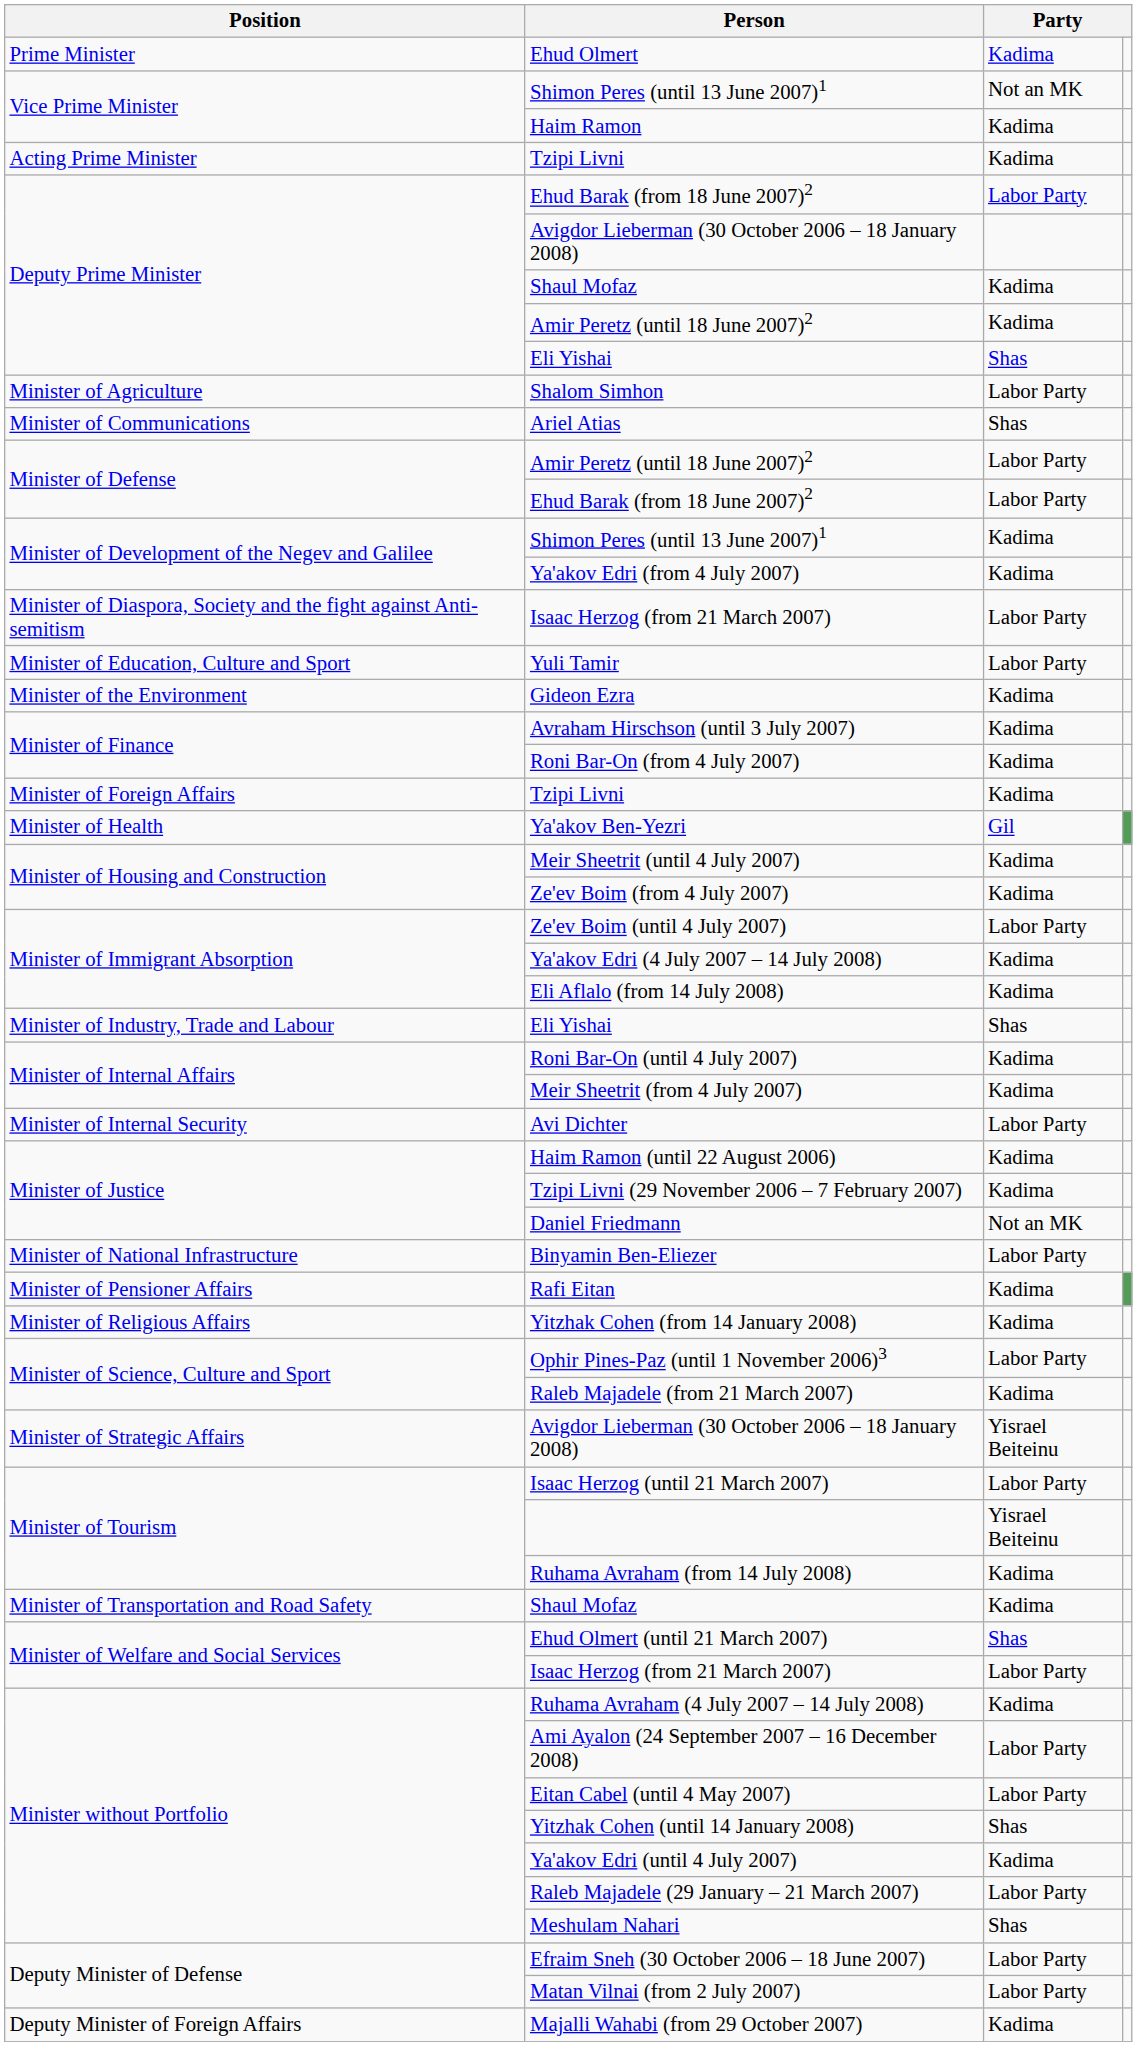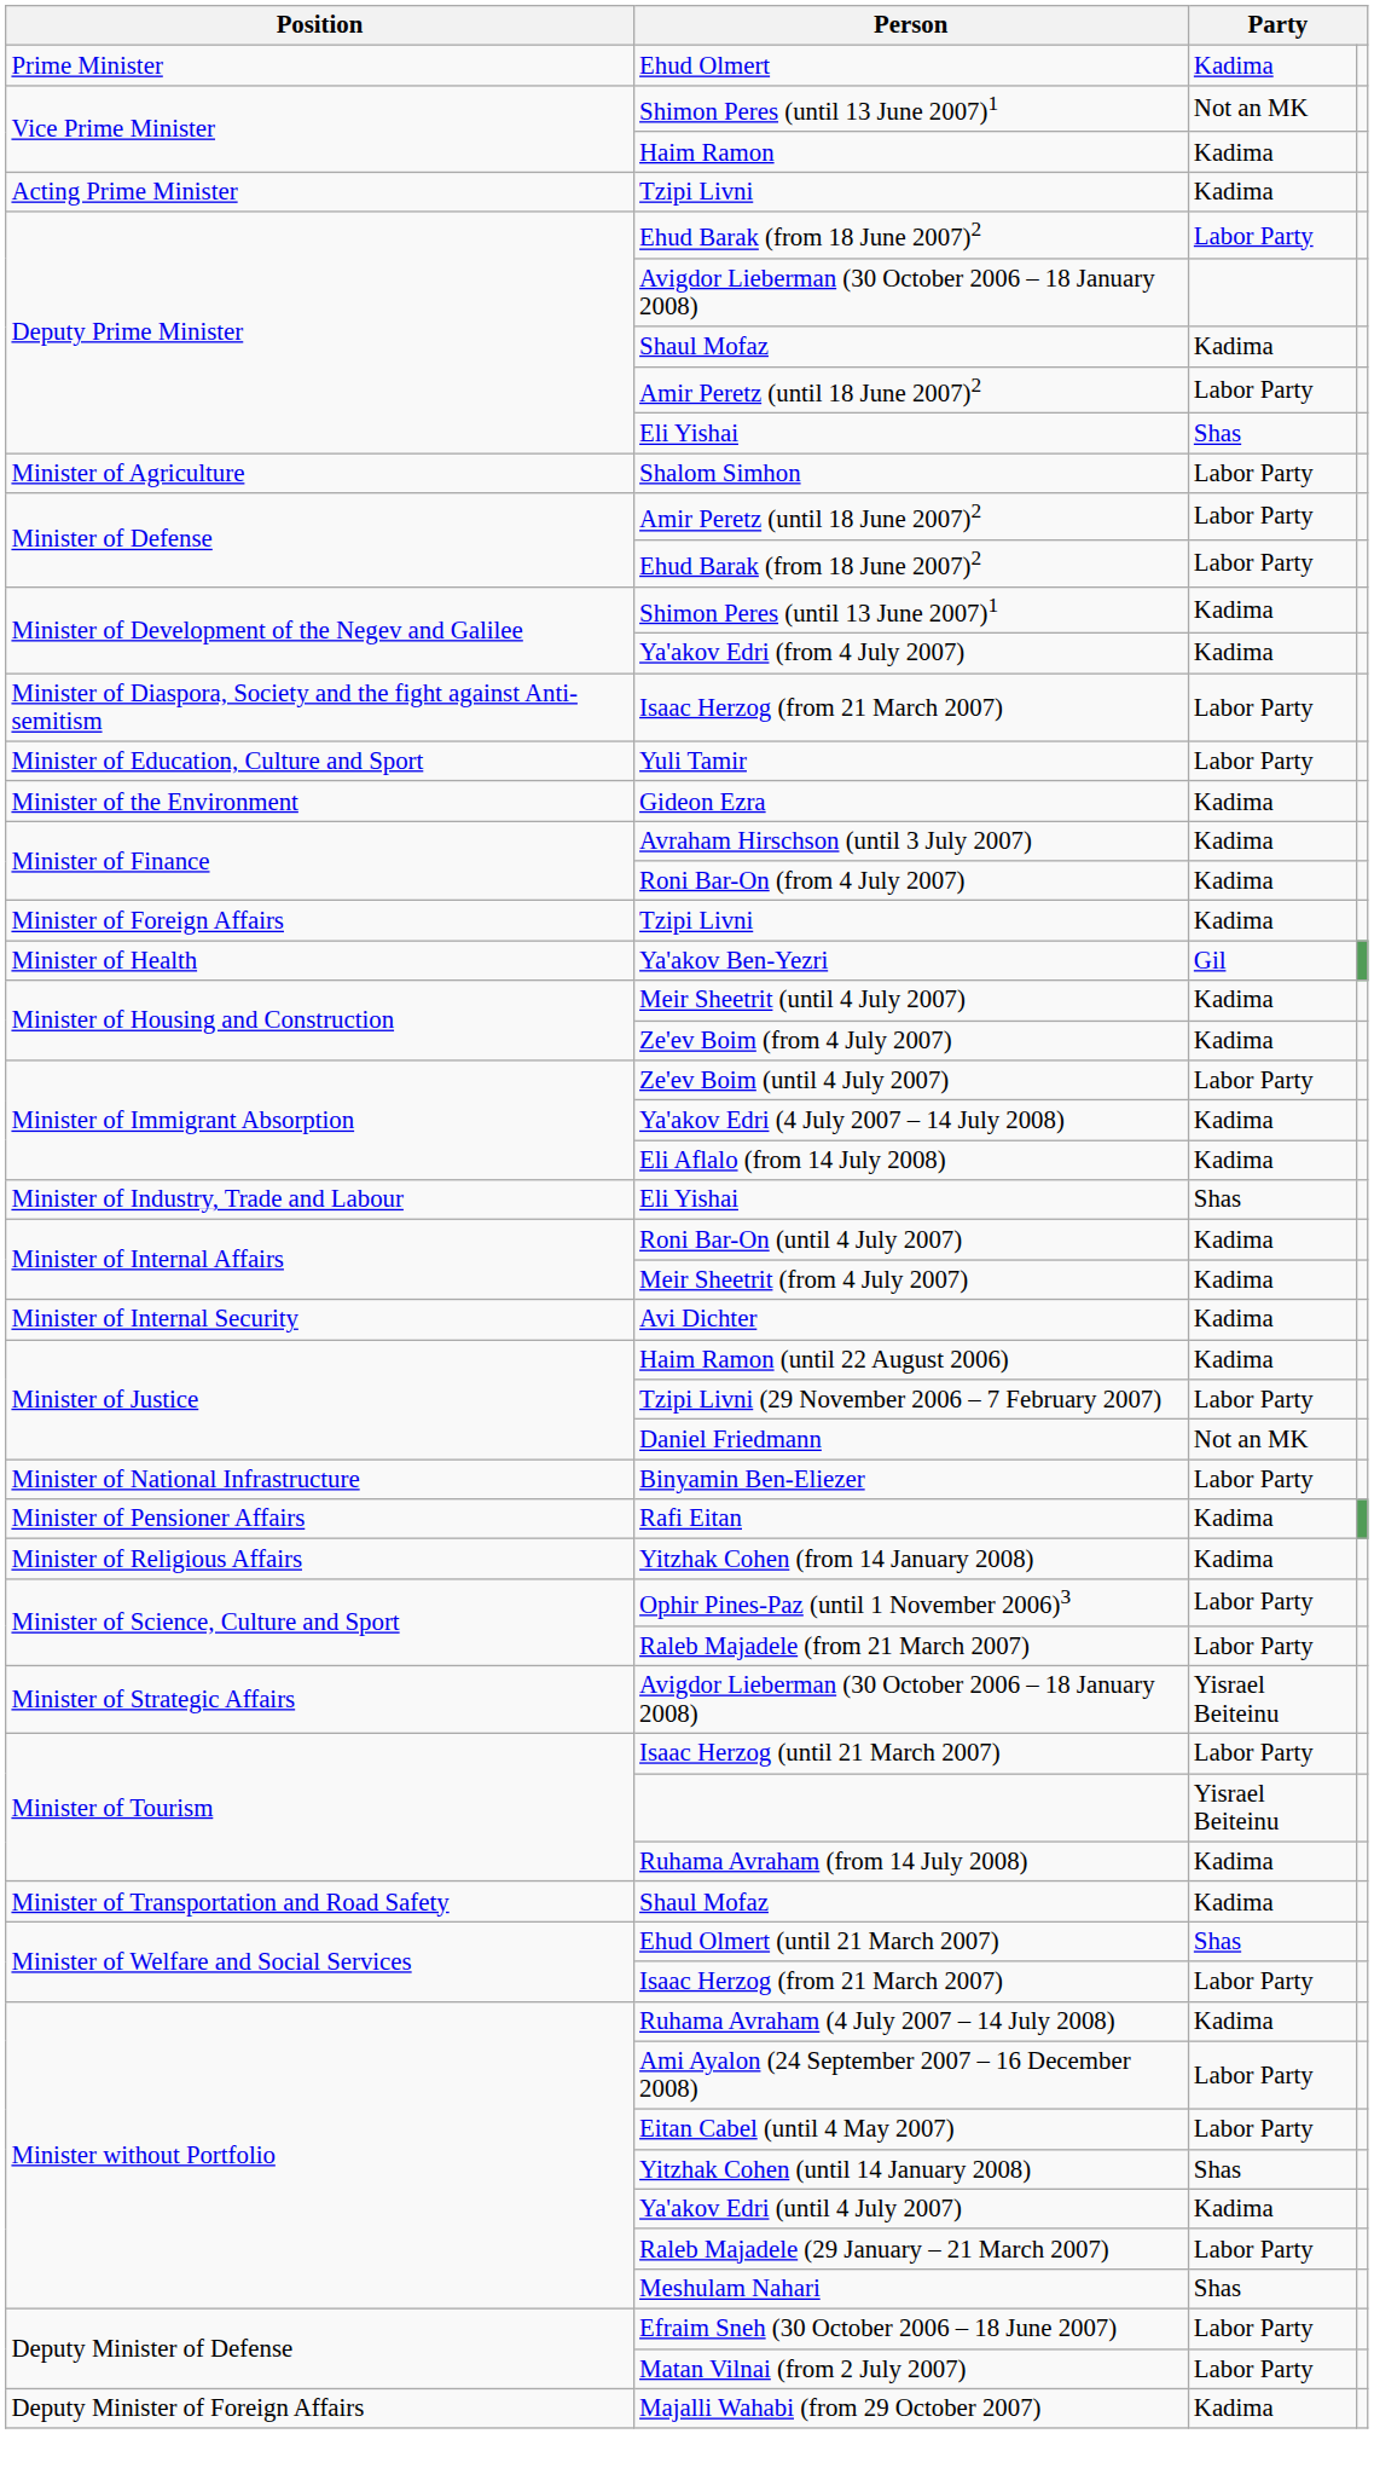 <table class=wikitable style="text-align:left">
 <tr>
 <th>Position</th>
 <th>Person</th>
 <th colspan=2>Party</th>
 </tr>
 <tr>
 <td><a href='#'>Prime Minister</a></td>
 <td><a href='#'>Ehud Olmert</a></td>
 <td><a href='#'>Kadima</a></td>
 <td style="background:"></td>
 </tr>
 <tr>
 <td rowspan=2><a href='#'>Vice Prime Minister</a></td>
 <td><a href='#'>Shimon Peres</a> (until 13 June 2007)<sup>1</sup></td>
 <td>Not an MK</td>
 <td style="background:"></td>
 </tr>
 <tr>
 <td><a href='#'>Haim Ramon</a></td>
 <td>Kadima</td>
 <td style="background:"></td>
 </tr>
 <tr>
 <td><a href='#'>Acting Prime Minister</a></td>
 <td><a href='#'>Tzipi Livni</a></td>
 <td>Kadima</td>
 <td style="background:"></td>
 </tr>
 <tr>
 <td rowspan=5><a href='#'>Deputy Prime Minister</a></td>
 <td><a href='#'>Ehud Barak</a> (from 18 June 2007)<sup>2</sup></td>
 <td><a href='#'>Labor Party</a></td>
 <td style="background:"></td>
 </tr>
 <tr>
 <td><a href='#'>Avigdor Lieberman</a> (30 October 2006 – 18 January 2008)</td>
 <td></td>
 <td style="background:"></td>
 </tr>
 <tr>
 <td><a href='#'>Shaul Mofaz</a></td>
 <td>Kadima</td>
 <td style="background:"></td>
 </tr>
 <tr>
 <td><a href='#'>Amir Peretz</a> (until 18 June 2007)<sup>2</sup></td>
-<td>Kadima</td>
+<td>Labor Party</td>
 <td style="background:"></td>
 </tr>
 <tr>
 <td><a href='#'>Eli Yishai</a></td>
 <td><a href='#'>Shas</a></td>
 <td style="background:"></td>
 </tr>
 <tr>
 <td><a href='#'>Minister of Agriculture</a></td>
 <td><a href='#'>Shalom Simhon</a></td>
 <td>Labor Party</td>
-<td style="background:"></td>
-</tr>
-<tr>
-<td><a href='#'>Minister of Communications</a></td>
-<td><a href='#'>Ariel Atias</a></td>
-<td>Shas</td>
 <td style="background:"></td>
 </tr>
 <tr>
 <td rowspan=2><a href='#'>Minister of Defense</a></td>
 <td><a href='#'>Amir Peretz</a> (until 18 June 2007)<sup>2</sup></td>
 <td>Labor Party</td>
 <td style="background:"></td>
 </tr>
 <tr>
 <td><a href='#'>Ehud Barak</a> (from 18 June 2007)<sup>2</sup></td>
 <td>Labor Party</td>
 <td style="background:"></td>
 </tr>
 <tr>
 <td rowspan=2><a href='#'>Minister of Development of the Negev and Galilee</a></td>
 <td><a href='#'>Shimon Peres</a> (until 13 June 2007)<sup>1</sup></td>
 <td>Kadima</td>
 <td style="background:"></td>
 </tr>
 <tr>
 <td><a href='#'>Ya'akov Edri</a> (from 4 July 2007)</td>
 <td>Kadima</td>
 <td style="background:"></td>
 </tr>
 <tr>
 <td><a href='#'>Minister of Diaspora, Society and the fight against Anti-semitism</a></td>
 <td><a href='#'>Isaac Herzog</a> (from 21 March 2007)</td>
 <td>Labor Party</td>
 <td style="background:"></td>
 </tr>
 <tr>
 <td><a href='#'>Minister of Education, Culture and Sport</a></td>
 <td><a href='#'>Yuli Tamir</a></td>
 <td>Labor Party</td>
 <td style="background:"></td>
 </tr>
 <tr>
 <td><a href='#'>Minister of the Environment</a></td>
 <td><a href='#'>Gideon Ezra</a></td>
 <td>Kadima</td>
 <td style="background:"></td>
 </tr>
 <tr>
 <td rowspan=2><a href='#'>Minister of Finance</a></td>
 <td><a href='#'>Avraham Hirschson</a> (until 3 July 2007)</td>
 <td>Kadima</td>
 <td style="background:"></td>
 </tr>
 <tr>
 <td><a href='#'>Roni Bar-On</a> (from 4 July 2007)</td>
 <td>Kadima</td>
 <td style="background:"></td>
 </tr>
 <tr>
 <td><a href='#'>Minister of Foreign Affairs</a></td>
 <td><a href='#'>Tzipi Livni</a></td>
 <td>Kadima</td>
 <td style="background:"></td>
 </tr>
 <tr>
 <td><a href='#'>Minister of Health</a></td>
 <td><a href='#'>Ya'akov Ben-Yezri</a></td>
 <td><a href='#'>Gil</a></td>
 <td style="background:#519C57"></td>
 </tr>
 <tr>
 <td rowspan=2><a href='#'>Minister of Housing and Construction</a></td>
 <td><a href='#'>Meir Sheetrit</a> (until 4 July 2007)</td>
 <td>Kadima</td>
 <td style="background:"></td>
 </tr>
 <tr>
 <td><a href='#'>Ze'ev Boim</a> (from 4 July 2007)</td>
 <td>Kadima</td>
 <td style="background:"></td>
 </tr>
 <tr>
 <td rowspan=3><a href='#'>Minister of Immigrant Absorption</a></td>
 <td><a href='#'>Ze'ev Boim</a> (until 4 July 2007)</td>
 <td>Labor Party</td>
 <td style="background:"></td>
 </tr>
 <tr>
 <td><a href='#'>Ya'akov Edri</a> (4 July 2007 – 14 July 2008)</td>
 <td>Kadima</td>
 <td style="background:"></td>
 </tr>
 <tr>
 <td><a href='#'>Eli Aflalo</a> (from 14 July 2008)</td>
 <td>Kadima</td>
 <td style="background:"></td>
 </tr>
 <tr>
 <td><a href='#'>Minister of Industry, Trade and Labour</a></td>
 <td><a href='#'>Eli Yishai</a></td>
 <td>Shas</td>
 <td style="background:"></td>
 </tr>
 <tr>
 <td rowspan=2><a href='#'>Minister of Internal Affairs</a></td>
 <td><a href='#'>Roni Bar-On</a> (until 4 July 2007)</td>
 <td>Kadima</td>
 <td style="background:"></td>
 </tr>
 <tr>
 <td><a href='#'>Meir Sheetrit</a> (from 4 July 2007)</td>
 <td>Kadima</td>
 <td style="background:"></td>
 </tr>
 <tr>
 <td><a href='#'>Minister of Internal Security</a></td>
 <td><a href='#'>Avi Dichter</a></td>
-<td>Labor Party</td>
+<td>Kadima</td>
 <td style="background:"></td>
 </tr>
 <tr>
 <td rowspan=3><a href='#'>Minister of Justice</a></td>
 <td><a href='#'>Haim Ramon</a> (until 22 August 2006)</td>
 <td>Kadima</td>
 <td style="background:"></td>
 </tr>
 <tr>
 <td><a href='#'>Tzipi Livni</a> (29 November 2006 – 7 February 2007)</td>
-<td>Kadima</td>
+<td>Labor Party</td>
 <td style="background:"></td>
 </tr>
 <tr>
 <td><a href='#'>Daniel Friedmann</a></td>
 <td>Not an MK</td>
 <td style="background:"></td>
 </tr>
 <tr>
 <td><a href='#'>Minister of National Infrastructure</a></td>
 <td><a href='#'>Binyamin Ben-Eliezer</a></td>
 <td>Labor Party</td>
 <td style="background:"></td>
 </tr>
 <tr>
 <td><a href='#'>Minister of Pensioner Affairs</a></td>
 <td><a href='#'>Rafi Eitan</a></td>
 <td>Kadima</td>
 <td style="background:#519C57"></td>
 </tr>
 <tr>
 <td><a href='#'>Minister of Religious Affairs</a></td>
 <td><a href='#'>Yitzhak Cohen</a> (from 14 January 2008)</td>
 <td>Kadima</td>
 <td style="background:"></td>
 </tr>
 <tr>
 <td rowspan=2><a href='#'>Minister of Science, Culture and Sport</a></td>
 <td><a href='#'>Ophir Pines-Paz</a> (until 1 November 2006)<sup>3</sup></td>
 <td>Labor Party</td>
 <td style="background:"></td>
 </tr>
 <tr>
 <td><a href='#'>Raleb Majadele</a> (from 21 March 2007)</td>
-<td>Kadima</td>
+<td>Labor Party</td>
 <td style="background:"></td>
 </tr>
 <tr>
 <td><a href='#'>Minister of Strategic Affairs</a></td>
 <td><a href='#'>Avigdor Lieberman</a> (30 October 2006 – 18 January 2008)</td>
 <td>Yisrael Beiteinu</td>
 <td style="background:"></td>
 </tr>
 <tr>
 <td rowspan=3><a href='#'>Minister of Tourism</a></td>
 <td><a href='#'>Isaac Herzog</a> (until 21 March 2007)</td>
 <td>Labor Party</td>
 <td style="background:"></td>
 </tr>
 <tr>
 <td></td>
 <td>Yisrael Beiteinu</td>
 <td style="background:"></td>
 </tr>
 <tr>
 <td><a href='#'>Ruhama Avraham</a> (from 14 July 2008)</td>
 <td>Kadima</td>
 <td style="background:"></td>
 </tr>
 <tr>
 <td><a href='#'>Minister of Transportation and Road Safety</a></td>
 <td><a href='#'>Shaul Mofaz</a></td>
 <td>Kadima</td>
 <td style="background:"></td>
 </tr>
 <tr>
 <td rowspan=2><a href='#'>Minister of Welfare and Social Services</a></td>
 <td><a href='#'>Ehud Olmert</a> (until 21 March 2007)</td>
 <td><a href='#'>Shas</a></td>
 <td style="background:"></td>
 </tr>
 <tr>
 <td><a href='#'>Isaac Herzog</a> (from 21 March 2007)</td>
 <td>Labor Party</td>
 <td style="background:"></td>
 </tr>
 <tr>
 <td rowspan=7><a href='#'>Minister without Portfolio</a></td>
 <td><a href='#'>Ruhama Avraham</a> (4 July 2007 – 14 July 2008)</td>
 <td>Kadima</td>
 <td style="background:"></td>
 </tr>
 <tr>
 <td><a href='#'>Ami Ayalon</a> (24 September 2007 – 16 December 2008)</td>
 <td>Labor Party</td>
 <td style="background:"></td>
 </tr>
 <tr>
 <td><a href='#'>Eitan Cabel</a> (until 4 May 2007)</td>
 <td>Labor Party</td>
 <td style="background:"></td>
 </tr>
 <tr>
 <td><a href='#'>Yitzhak Cohen</a> (until 14 January 2008)</td>
 <td>Shas</td>
 <td style="background:"></td>
 </tr>
 <tr>
 <td><a href='#'>Ya'akov Edri</a> (until 4 July 2007)</td>
 <td>Kadima</td>
 <td style="background:"></td>
 </tr>
 <tr>
 <td><a href='#'>Raleb Majadele</a> (29 January – 21 March 2007)</td>
 <td>Labor Party</td>
 <td style="background:"></td>
 </tr>
 <tr>
 <td><a href='#'>Meshulam Nahari</a></td>
 <td>Shas</td>
 <td style="background:"></td>
 </tr>
 <tr>
 <td rowspan=2>Deputy Minister of Defense</td>
 <td><a href='#'>Efraim Sneh</a> (30 October 2006 – 18 June 2007)</td>
 <td>Labor Party</td>
 <td style="background:"></td>
 </tr>
 <tr>
 <td><a href='#'>Matan Vilnai</a> (from 2 July 2007)</td>
 <td>Labor Party</td>
 <td style="background:"></td>
 </tr>
 <tr>
 <td>Deputy Minister of Foreign Affairs</td>
 <td><a href='#'>Majalli Wahabi</a> (from 29 October 2007)</td>
 <td>Kadima</td>
 <td style="background:"></td>
 </tr>
 </table>
